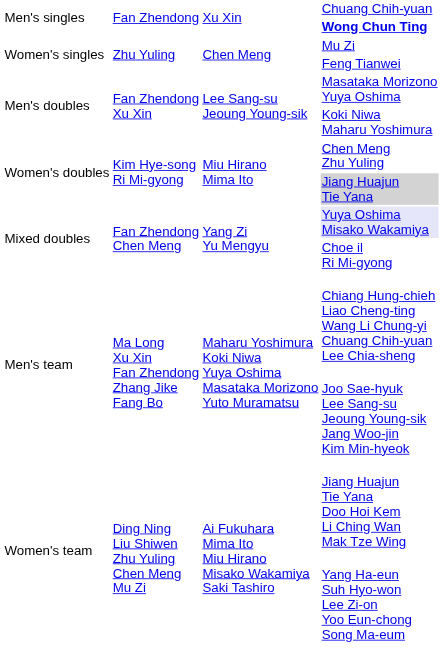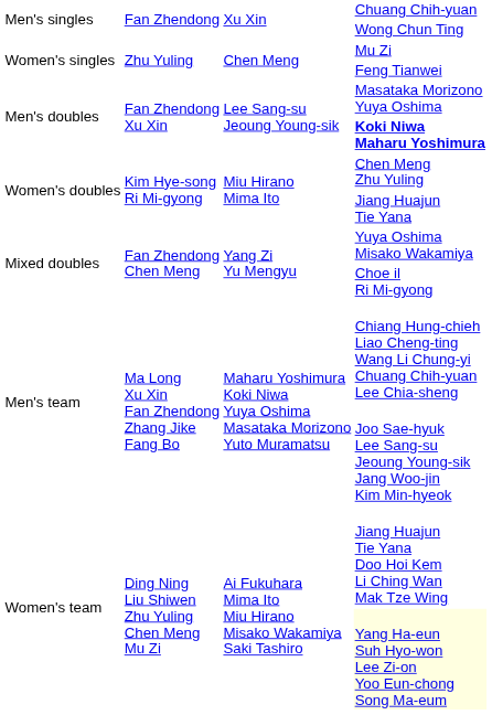 <table>
 <tr>
 <td rowspan=2>Men's singles <br></td>
 <td rowspan=2> <a href='#'>Fan Zhendong</a></td>
 <td rowspan=2> <a href='#'>Xu Xin</a></td>
 <td> <a href='#'>Chuang Chih-yuan</a></td>
 </tr>
 <tr>
-<td><strong> <a href='#'>Wong Chun Ting</a></strong></td>
+<td> <a href='#'>Wong Chun Ting</a></td>
 </tr>
 <tr>
 <td rowspan=2>Women's singles <br></td>
 <td rowspan=2> <a href='#'>Zhu Yuling</a></td>
 <td rowspan=2> <a href='#'>Chen Meng</a></td>
 <td> <a href='#'>Mu Zi</a></td>
 </tr>
 <tr>
 <td> <a href='#'>Feng Tianwei</a></td>
 </tr>
 <tr>
 <td rowspan=2>Men's doubles <br></td>
 <td rowspan=2> <a href='#'>Fan Zhendong</a><br> <a href='#'>Xu Xin</a></td>
 <td rowspan=2> <a href='#'>Lee Sang-su</a><br> <a href='#'>Jeoung Young-sik</a></td>
 <td> <a href='#'>Masataka Morizono</a><br> <a href='#'>Yuya Oshima</a></td>
 </tr>
 <tr>
-<td> <a href='#'>Koki Niwa</a><br> <a href='#'>Maharu Yoshimura</a></td>
+<td><strong> <a href='#'>Koki Niwa</a><br> <a href='#'>Maharu Yoshimura</a></strong></td>
 </tr>
 <tr>
 <td rowspan=2>Women's doubles <br></td>
 <td rowspan=2> <a href='#'>Kim Hye-song</a><br> <a href='#'>Ri Mi-gyong</a></td>
 <td rowspan=2> <a href='#'>Miu Hirano</a><br> <a href='#'>Mima Ito</a></td>
 <td> <a href='#'>Chen Meng</a><br>  <a href='#'>Zhu Yuling</a></td>
 </tr>
 <tr>
-<td style="background: lightgrey;"> <a href='#'>Jiang Huajun</a><br> <a href='#'>Tie Yana</a></td>
+<td> <a href='#'>Jiang Huajun</a><br> <a href='#'>Tie Yana</a></td>
 </tr>
 <tr>
 <td rowspan=2>Mixed doubles <br></td>
 <td rowspan=2> <a href='#'>Fan Zhendong</a><br> <a href='#'>Chen Meng</a></td>
 <td rowspan=2> <a href='#'>Yang Zi</a><br> <a href='#'>Yu Mengyu</a></td>
-<td style="background: lavender;"> <a href='#'>Yuya Oshima</a><br> <a href='#'>Misako Wakamiya</a></td>
+<td> <a href='#'>Yuya Oshima</a><br> <a href='#'>Misako Wakamiya</a></td>
 </tr>
 <tr>
 <td> <a href='#'>Choe il</a><br> <a href='#'>Ri Mi-gyong</a></td>
 </tr>
 <tr>
 <td rowspan=2>Men's team <br></td>
 <td rowspan=2><br><a href='#'>Ma Long</a><br><a href='#'>Xu Xin</a><br><a href='#'>Fan Zhendong</a><br><a href='#'>Zhang Jike</a><br><a href='#'>Fang Bo</a></td>
 <td rowspan=2><br><a href='#'>Maharu Yoshimura</a><br><a href='#'>Koki Niwa</a><br><a href='#'>Yuya Oshima</a><br><a href='#'>Masataka Morizono</a><br><a href='#'>Yuto Muramatsu</a></td>
 <td><br><a href='#'>Chiang Hung-chieh</a><br><a href='#'>Liao Cheng-ting</a><br><a href='#'>Wang Li Chung-yi</a><br><a href='#'>Chuang Chih-yuan</a><br><a href='#'>Lee Chia-sheng</a></td>
 </tr>
 <tr>
 <td><br><a href='#'>Joo Sae-hyuk</a><br><a href='#'>Lee Sang-su</a><br><a href='#'>Jeoung Young-sik</a><br><a href='#'>Jang Woo-jin</a><br><a href='#'>Kim Min-hyeok</a></td>
 </tr>
 <tr>
 <td rowspan=2>Women's team <br></td>
 <td rowspan=2><br><a href='#'>Ding Ning</a><br><a href='#'>Liu Shiwen</a><br><a href='#'>Zhu Yuling</a><br><a href='#'>Chen Meng</a><br><a href='#'>Mu Zi</a></td>
 <td rowspan=2><br><a href='#'>Ai Fukuhara</a><br><a href='#'>Mima Ito</a><br><a href='#'>Miu Hirano</a><br><a href='#'>Misako Wakamiya</a><br><a href='#'>Saki Tashiro</a></td>
 <td><br><a href='#'>Jiang Huajun</a><br><a href='#'>Tie Yana</a><br><a href='#'>Doo Hoi Kem</a><br><a href='#'>Li Ching Wan</a><br><a href='#'>Mak Tze Wing</a></td>
 </tr>
 <tr>
-<td><br><a href='#'>Yang Ha-eun</a><br><a href='#'>Suh Hyo-won</a><br><a href='#'>Lee Zi-on</a><br><a href='#'>Yoo Eun-chong</a><br><a href='#'>Song Ma-eum</a></td>
+<td style="background: lightyellow;"><br><a href='#'>Yang Ha-eun</a><br><a href='#'>Suh Hyo-won</a><br><a href='#'>Lee Zi-on</a><br><a href='#'>Yoo Eun-chong</a><br><a href='#'>Song Ma-eum</a></td>
 </tr>
 </table>
